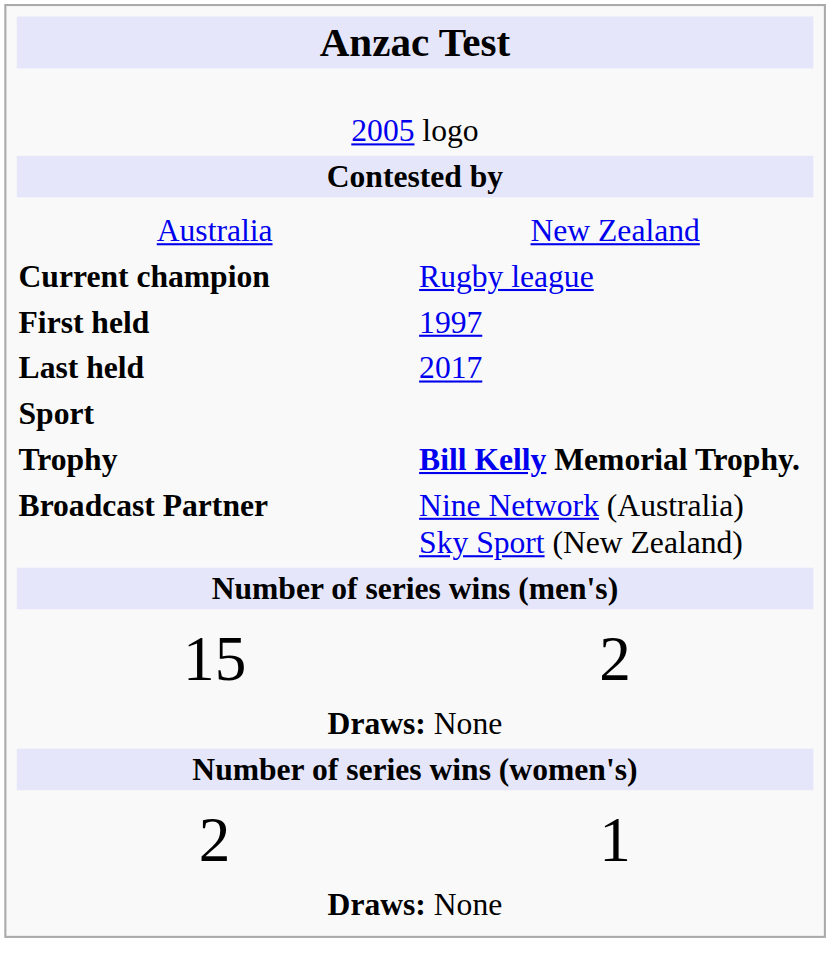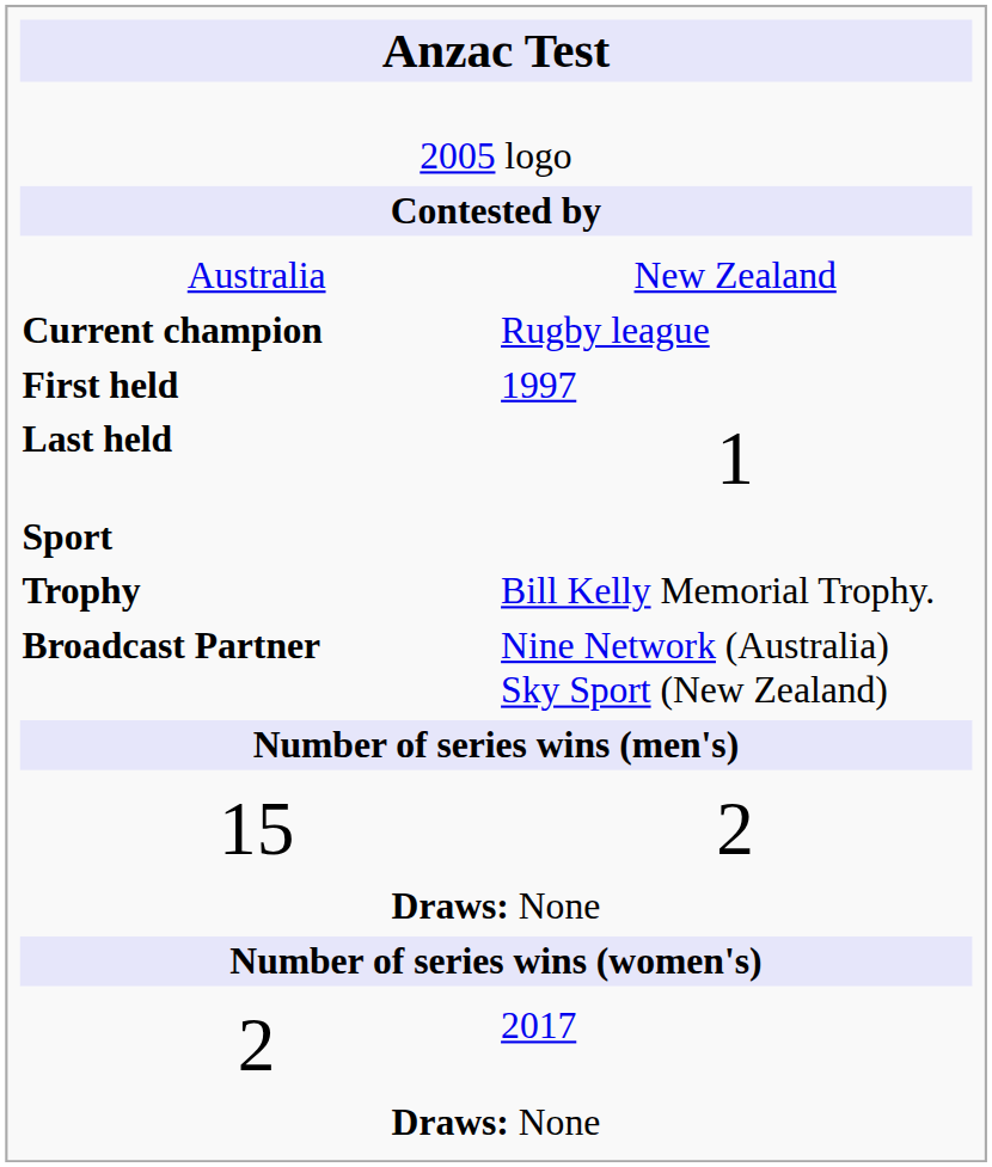 <table class="infobox" style="width: 26em; font-size: 95%;">
 <tr>
 <td colspan="2" style="text-align: center; font-size: 130%; background:lavender;"><strong>Anzac Test</strong><br><small></small></td>
 </tr>
 <tr>
 <td colspan="2" style="width:100%; vertical-align:middle; text-align:center;"><br><a href='#'>2005</a> logo</td>
 </tr>
 <tr>
 <td colspan="2" style="text-align: center; font-size: 100%; background:lavender;"><strong>Contested by</strong></td>
 </tr>
 <tr>
 <td style="width:50%; vertical-align:middle; text-align:center;"></td>
 <td style="width:50%; vertical-align:middle; text-align:center;"></td>
 </tr>
 <tr>
 <td style="text-align:center;"><a href='#'>Australia</a></td>
 <td style="text-align:center;"><a href='#'>New Zealand</a></td>
 </tr>
 <tr>
 <td><strong>Current champion</strong></td>
 <td><a href='#'>Rugby league</a></td>
 </tr>
 <tr>
 <td><strong>First held</strong></td>
 <td><a href='#'>1997</a></td>
 </tr>
 <tr>
 <td><strong>Last held</strong></td>
-<td><a href='#'>2017</a></td>
+<td style="text-align:center;font-size: 200%;">1</td>
 </tr>
 <tr>
 <td><strong>Sport</strong></td>
 <td></td>
 </tr>
 <tr>
 <td><strong>Trophy</strong></td>
-<td><strong><a href='#'>Bill Kelly</a> Memorial Trophy.</strong></td>
+<td><a href='#'>Bill Kelly</a> Memorial Trophy.</td>
 </tr>
 <tr>
 <td><strong>Broadcast Partner</strong></td>
 <td><a href='#'>Nine Network</a> (Australia)<br><a href='#'>Sky Sport</a> (New Zealand)</td>
 </tr>
 <tr>
 <td colspan="2" style="text-align: center; font-size: 100%; background:lavender;"><strong>Number of series wins (men's)</strong></td>
 </tr>
 <tr>
 <td style="text-align:center;"></td>
 <td style="text-align:center;"></td>
 </tr>
 <tr>
 <td style="text-align:center;font-size: 200%;">15</td>
 <td style="text-align:center;font-size: 200%;">2</td>
 </tr>
 <tr>
 <td colspan="2" style="text-align: center;"><strong>Draws:</strong> None</td>
 </tr>
 <tr>
 <td colspan="2" style="text-align: center; font-size: 100%; background:lavender;"><strong>Number of series wins (women's)</strong></td>
 </tr>
 <tr>
 <td style="text-align:center;"></td>
 <td style="text-align:center;"></td>
 </tr>
 <tr>
 <td style="text-align:center;font-size: 200%;">2</td>
-<td style="text-align:center;font-size: 200%;">1</td>
+<td><a href='#'>2017</a></td>
 </tr>
 <tr>
 <td colspan="2" style="text-align: center;"><strong>Draws:</strong> None</td>
 </tr>
 </table>
